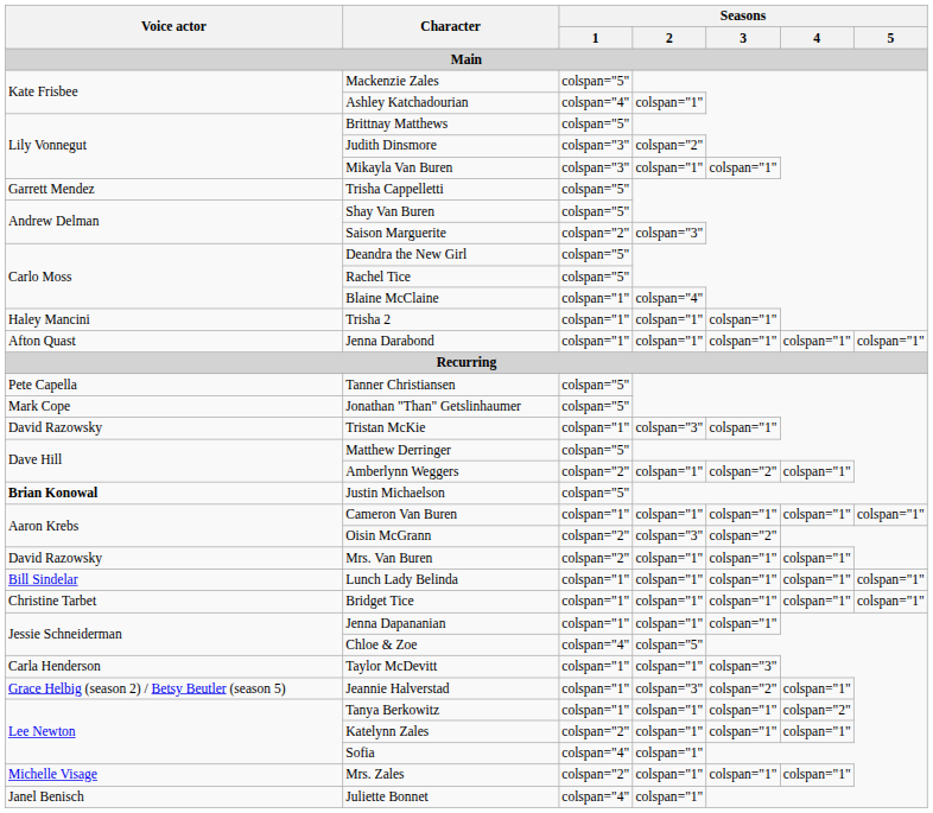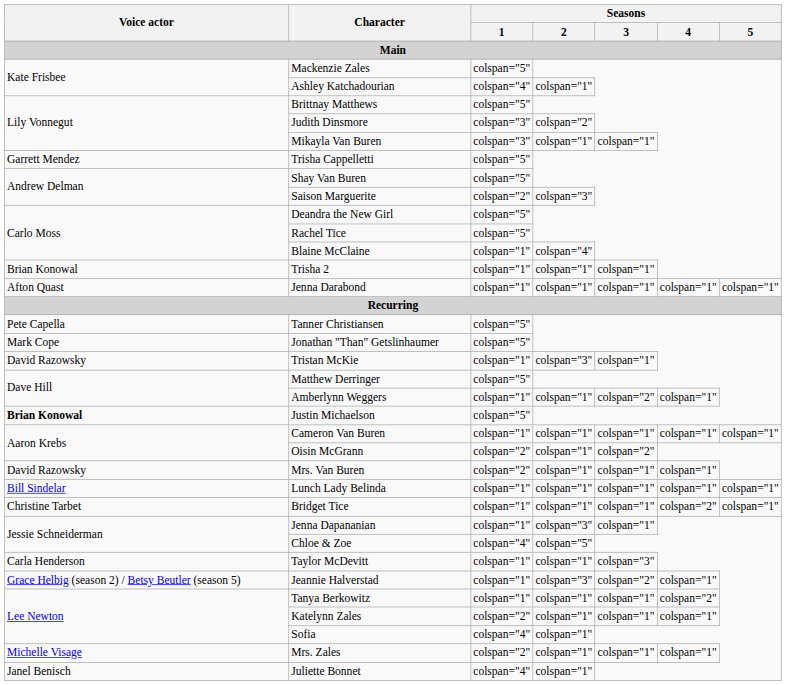 <table class="wikitable plainrowheaders">
 <tr>
 <th scope="col" rowspan="2">Voice actor</th>
 <th scope="col" rowspan="2">Character</th>
 <th scope="col" colspan="5">Seasons</th>
 </tr>
 <tr>
 <th scope="col" style="width:8%;">1</th>
 <th scope="col" style="width:8%;">2</th>
 <th scope="col" style="width:8%;">3</th>
 <th scope="col" style="width:8%;">4</th>
 <th scope="col" style="width:8%;">5</th>
 </tr>
 <tr>
 <th colspan="8" style="background-color:#d3d3d3;">Main</th>
 </tr>
 <tr>
 <td rowspan="2" scope="row">Kate Frisbee</td>
 <td>Mackenzie Zales</td>
 <td>colspan="5" </td>
 </tr>
 <tr>
 <td>Ashley Katchadourian</td>
 <td>colspan="4" </td>
 <td>colspan="1" </td>
 </tr>
 <tr>
 <td rowspan="3" scope="row">Lily Vonnegut</td>
 <td>Brittnay Matthews</td>
 <td>colspan="5" </td>
 </tr>
 <tr>
 <td>Judith Dinsmore</td>
 <td>colspan="3" </td>
 <td>colspan="2" </td>
 </tr>
 <tr>
 <td>Mikayla Van Buren</td>
 <td>colspan="3" </td>
 <td>colspan="1" </td>
 <td>colspan="1" </td>
 </tr>
 <tr>
 <td scope="row">Garrett Mendez</td>
 <td>Trisha Cappelletti</td>
 <td>colspan="5" </td>
 </tr>
 <tr>
 <td rowspan="2">Andrew Delman</td>
 <td>Shay Van Buren</td>
 <td>colspan="5" </td>
 </tr>
 <tr>
 <td>Saison Marguerite</td>
 <td>colspan="2" </td>
 <td>colspan="3" </td>
 </tr>
 <tr>
 <td rowspan="3" scope="row">Carlo Moss</td>
 <td>Deandra the New Girl</td>
 <td>colspan="5" </td>
 </tr>
 <tr>
 <td>Rachel Tice</td>
 <td>colspan="5" </td>
 </tr>
 <tr>
 <td>Blaine McClaine</td>
 <td>colspan="1" </td>
 <td>colspan="4" </td>
 </tr>
 <tr>
-<td scope="row">Haley Mancini</td>
+<td scope="row">Brian Konowal</td>
 <td>Trisha 2</td>
 <td>colspan="1" </td>
 <td>colspan="1" </td>
 <td>colspan="1" </td>
 </tr>
 <tr>
 <td scope="row">Afton Quast</td>
 <td>Jenna Darabond</td>
 <td>colspan="1" </td>
 <td>colspan="1" </td>
 <td>colspan="1" </td>
 <td>colspan="1" </td>
 <td>colspan="1" </td>
 </tr>
 <tr>
 <th colspan="8" style="background-color:#d3d3d3;">Recurring</th>
 </tr>
 <tr>
 <td scope="row">Pete Capella</td>
 <td>Tanner Christiansen</td>
 <td>colspan="5" </td>
 </tr>
 <tr>
 <td scope="row">Mark Cope</td>
 <td>Jonathan "Than" Getslinhaumer</td>
 <td>colspan="5" </td>
 </tr>
 <tr>
 <td scope="row">David Razowsky</td>
 <td>Tristan McKie</td>
 <td>colspan="1" </td>
 <td>colspan="3" </td>
 <td>colspan="1" </td>
 </tr>
 <tr>
 <td rowspan="2">Dave Hill</td>
 <td>Matthew Derringer</td>
 <td>colspan="5" </td>
 </tr>
 <tr>
 <td>Amberlynn Weggers</td>
-<td>colspan="2" </td>
+<td>colspan="1" </td>
 <td>colspan="1" </td>
 <td>colspan="2" </td>
 <td>colspan="1" </td>
 </tr>
 <tr>
 <td scope="row"><strong>Brian Konowal</strong></td>
 <td>Justin Michaelson</td>
 <td>colspan="5" </td>
 </tr>
 <tr>
 <td rowspan="2">Aaron Krebs</td>
 <td>Cameron Van Buren</td>
 <td>colspan="1" </td>
 <td>colspan="1" </td>
 <td>colspan="1" </td>
 <td>colspan="1" </td>
 <td>colspan="1" </td>
 </tr>
 <tr>
 <td>Oisin McGrann</td>
 <td>colspan="2" </td>
-<td>colspan="3" </td>
+<td>colspan="1" </td>
 <td>colspan="2" </td>
 </tr>
 <tr>
 <td scope="row">David Razowsky</td>
 <td>Mrs. Van Buren</td>
 <td>colspan="2" </td>
 <td>colspan="1" </td>
 <td>colspan="1" </td>
 <td>colspan="1" </td>
 </tr>
 <tr>
 <td scope="row"><a href='#'>Bill Sindelar</a></td>
 <td>Lunch Lady Belinda</td>
 <td>colspan="1" </td>
 <td>colspan="1" </td>
 <td>colspan="1" </td>
 <td>colspan="1" </td>
 <td>colspan="1" </td>
 </tr>
 <tr>
 <td scope="row">Christine Tarbet</td>
 <td>Bridget Tice</td>
 <td>colspan="1" </td>
 <td>colspan="1" </td>
 <td>colspan="1" </td>
-<td>colspan="1" </td>
+<td>colspan="2" </td>
 <td>colspan="1" </td>
 </tr>
 <tr>
 <td rowspan="2">Jessie Schneiderman</td>
 <td>Jenna Dapananian</td>
 <td>colspan="1" </td>
-<td>colspan="1" </td>
+<td>colspan="3" </td>
 <td>colspan="1" </td>
 </tr>
 <tr>
 <td>Chloe & Zoe</td>
 <td>colspan="4" </td>
 <td>colspan="5" </td>
 </tr>
 <tr>
 <td scope="row">Carla Henderson</td>
 <td>Taylor McDevitt</td>
 <td>colspan="1" </td>
 <td>colspan="1" </td>
 <td>colspan="3" </td>
 </tr>
 <tr>
 <td scope="row"><a href='#'>Grace Helbig</a> (season 2) / <a href='#'>Betsy Beutler</a> (season 5)</td>
 <td>Jeannie Halverstad</td>
 <td>colspan="1" </td>
 <td>colspan="3" </td>
 <td>colspan="2" </td>
 <td>colspan="1" </td>
 </tr>
 <tr>
 <td rowspan="3"><a href='#'>Lee Newton</a></td>
 <td>Tanya Berkowitz</td>
 <td>colspan="1" </td>
 <td>colspan="1" </td>
 <td>colspan="1" </td>
 <td>colspan="2" </td>
 </tr>
 <tr>
 <td>Katelynn Zales</td>
 <td>colspan="2" </td>
 <td>colspan="1" </td>
 <td>colspan="1" </td>
 <td>colspan="1" </td>
 </tr>
 <tr>
 <td>Sofia</td>
 <td>colspan="4" </td>
 <td>colspan="1" </td>
 </tr>
 <tr>
 <td scope="row"><a href='#'>Michelle Visage</a></td>
 <td>Mrs. Zales</td>
 <td>colspan="2" </td>
 <td>colspan="1" </td>
 <td>colspan="1" </td>
 <td>colspan="1" </td>
 </tr>
 <tr>
 <td scope="row">Janel Benisch</td>
 <td>Juliette Bonnet</td>
 <td>colspan="4" </td>
 <td>colspan="1" </td>
 </tr>
 </table>
